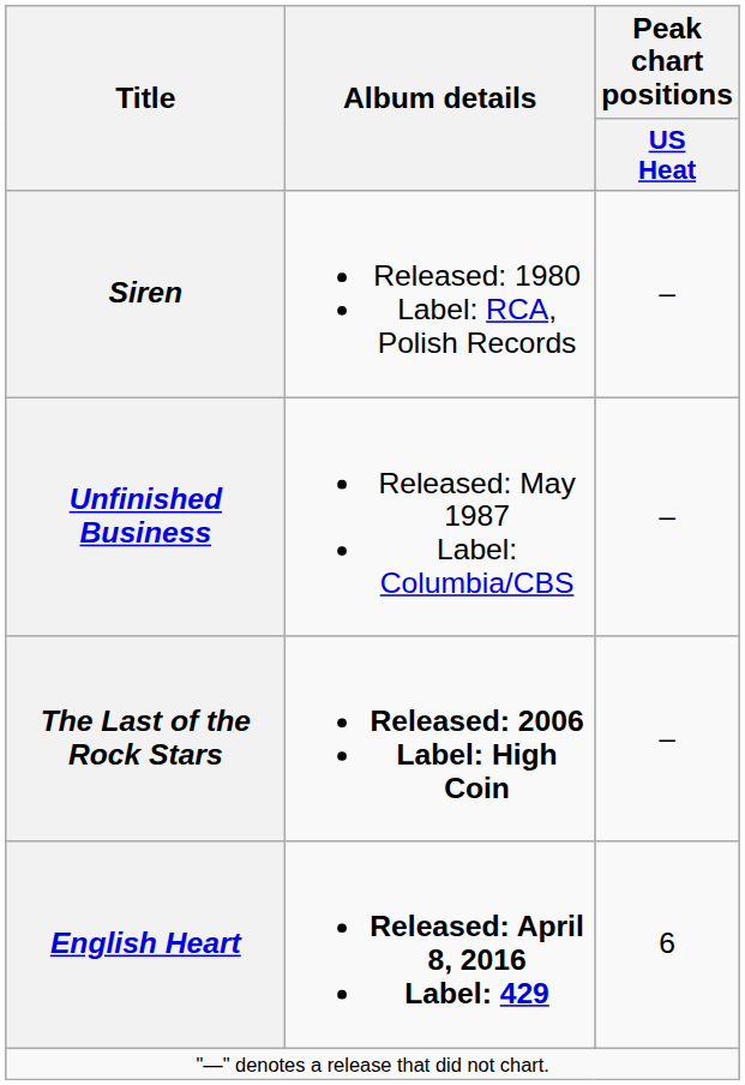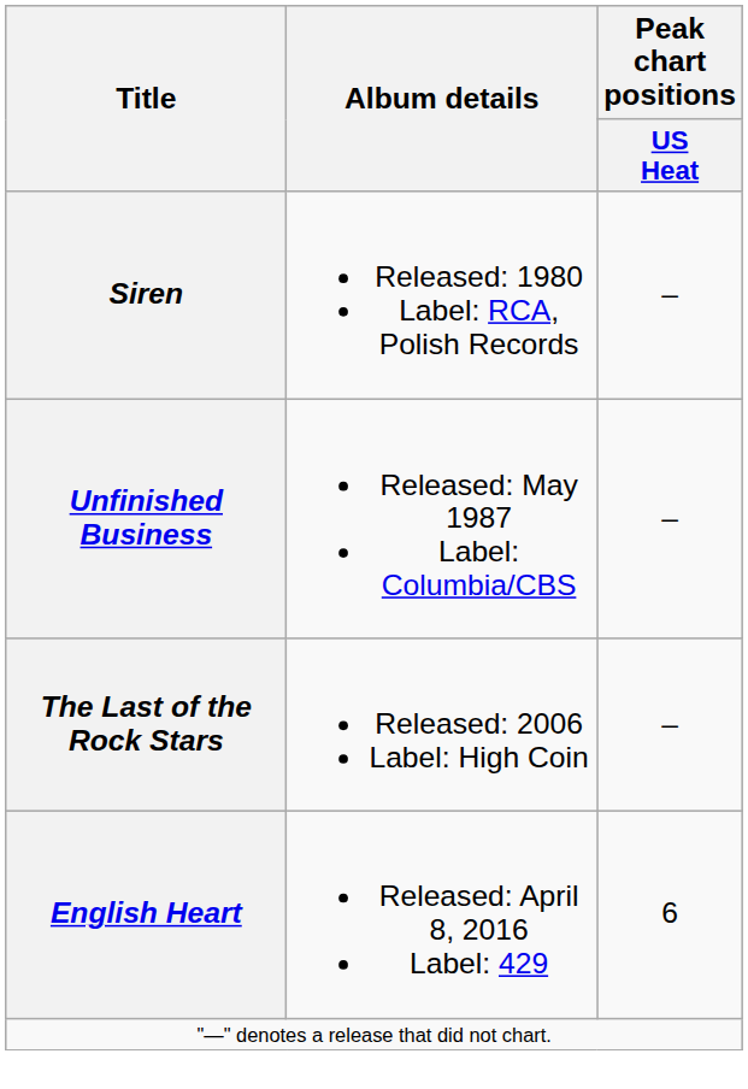 <table class="wikitable plainrowheaders" style="text-align:center;">
 <tr>
 <th scope="col" rowspan="2" style="width:9em;">Title</th>
 <th scope="col" rowspan="2" style="width:10em;">Album details</th>
 <th scope="col" colspan="1">Peak chart positions</th>
 </tr>
 <tr>
 <th style="width:3em;font-size:90%"><a href='#'>US<br>Heat</a></th>
 </tr>
 <tr>
 <th scope="row"><em>Siren</em></th>
 <td><br><ul><li>Released: 1980</li><li>Label: <a href='#'>RCA</a>, Polish Records</li></ul></td>
 <td>–</td>
 </tr>
 <tr>
 <th scope="row"><em><a href='#'>Unfinished Business</a></em></th>
 <td><br><ul><li>Released: May 1987</li><li>Label: <a href='#'>Columbia/CBS</a></li></ul></td>
 <td>–</td>
 </tr>
 <tr>
 <th scope="row"><em>The Last of the Rock Stars</em></th>
-<td><strong><br><ul><li>Released: 2006</li><li>Label:  High Coin</li></ul></strong></td>
+<td><br><ul><li>Released: 2006</li><li>Label:  High Coin</li></ul></td>
 <td>–</td>
 </tr>
 <tr>
 <th scope="row"><em><a href='#'>English Heart</a></em></th>
-<td><strong><br><ul><li>Released: April 8, 2016</li><li>Label: <a href='#'>429</a></li></ul></strong></td>
+<td><br><ul><li>Released: April 8, 2016</li><li>Label: <a href='#'>429</a></li></ul></td>
 <td>6</td>
 </tr>
 <tr>
 <td align="center" colspan="10" style="font-size: 8pt">"—" denotes a release that did not chart.</td>
 </tr>
 </table>
